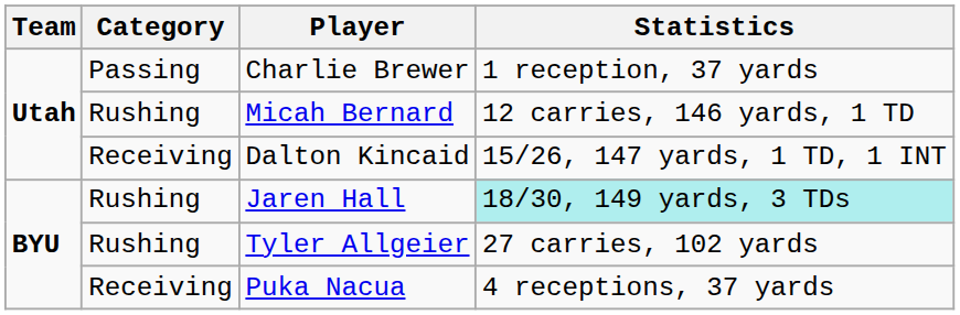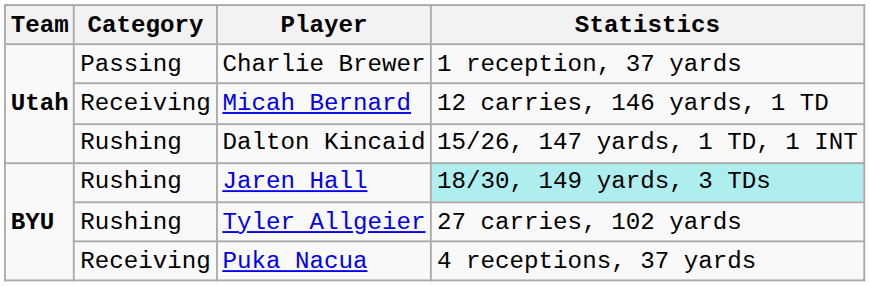 <table class="wikitable" style="float: left;">
 <tr>
 <th>Team</th>
 <th>Category</th>
 <th>Player</th>
 <th>Statistics</th>
 </tr>
 <tr>
 <td rowspan=3><strong>Utah</strong></td>
 <td>Passing</td>
 <td>Charlie Brewer</td>
 <td>1 reception, 37 yards</td>
 </tr>
 <tr>
-<td>Rushing</td>
+<td>Receiving</td>
 <td><a href='#'>Micah Bernard</a></td>
 <td>12 carries, 146 yards, 1 TD</td>
 </tr>
 <tr>
-<td>Receiving</td>
+<td>Rushing</td>
 <td>Dalton Kincaid</td>
 <td>15/26, 147 yards, 1 TD, 1 INT</td>
 </tr>
 <tr>
 <td rowspan=3><strong>BYU</strong></td>
 <td>Rushing</td>
 <td><a href='#'>Jaren Hall</a></td>
 <td style="background: paleturquoise;">18/30, 149 yards, 3 TDs</td>
 </tr>
 <tr>
 <td>Rushing</td>
 <td><a href='#'>Tyler Allgeier</a></td>
 <td>27 carries, 102 yards</td>
 </tr>
 <tr>
 <td>Receiving</td>
 <td><a href='#'>Puka Nacua</a></td>
 <td>4 receptions, 37 yards</td>
 </tr>
 </table>
